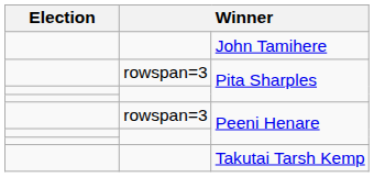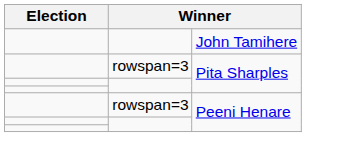 <table class=wikitable>
 <tr>
 <th width=100>Election</th>
 <th width=175 colspan=2>Winner</th>
 </tr>
 <tr>
 <td></td>
 <td></td>
 <td><a href='#'>John Tamihere</a></td>
 </tr>
 <tr>
 <td></td>
 <td>rowspan=3 </td>
 <td rowspan=3><a href='#'>Pita Sharples</a></td>
 </tr>
 <tr>
 <td></td>
 </tr>
 <tr>
 <td></td>
 </tr>
 <tr>
 <td></td>
 <td>rowspan=3 </td>
 <td rowspan=3><a href='#'>Peeni Henare</a></td>
 </tr>
 <tr>
 <td></td>
 </tr>
 <tr>
 <td></td>
 </tr>
-<tr>
-<td></td>
-<td></td>
-<td><a href='#'>Takutai Tarsh Kemp</a></td>
-</tr>
 </table>
